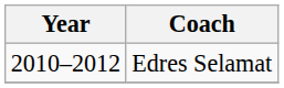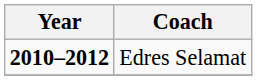 <table class="wikitable">
 <tr>
 <th>Year</th>
 <th>Coach</th>
 </tr>
 <tr>
-<td>2010–2012</td>
+<td><strong>2010–2012</strong></td>
 <td> Edres Selamat</td>
 </tr>
 <tr>
 </tr>
 </table>
